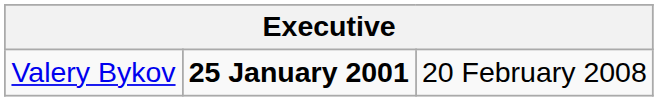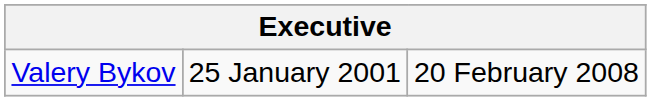 <table class="wikitable sortable">
 <tr>
 <th colspan=3>Executive</th>
 </tr>
 <tr>
 <td><a href='#'>Valery Bykov</a></td>
-<td><strong>25 January 2001</strong></td>
+<td>25 January 2001</td>
 <td>20 February 2008</td>
 </tr>
 </table>
